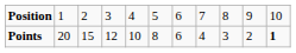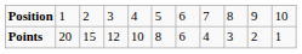 <table class="wikitable" style="font-size: 90%;">
 <tr>
 <td><strong>Position</strong></td>
 <td width=20>1</td>
 <td width=20>2</td>
 <td width=20>3</td>
 <td width=20>4</td>
 <td width=20>5</td>
 <td width=20>6</td>
 <td width=20>7</td>
 <td width=20>8</td>
 <td width=20>9</td>
 <td width=20>10</td>
 </tr>
 <tr>
 <td><strong>Points</strong></td>
 <td>20</td>
 <td>15</td>
 <td>12</td>
 <td>10</td>
 <td>8</td>
 <td>6</td>
 <td>4</td>
 <td>3</td>
 <td>2</td>
-<td><strong>1</strong></td>
+<td>1</td>
 </tr>
 </table>
